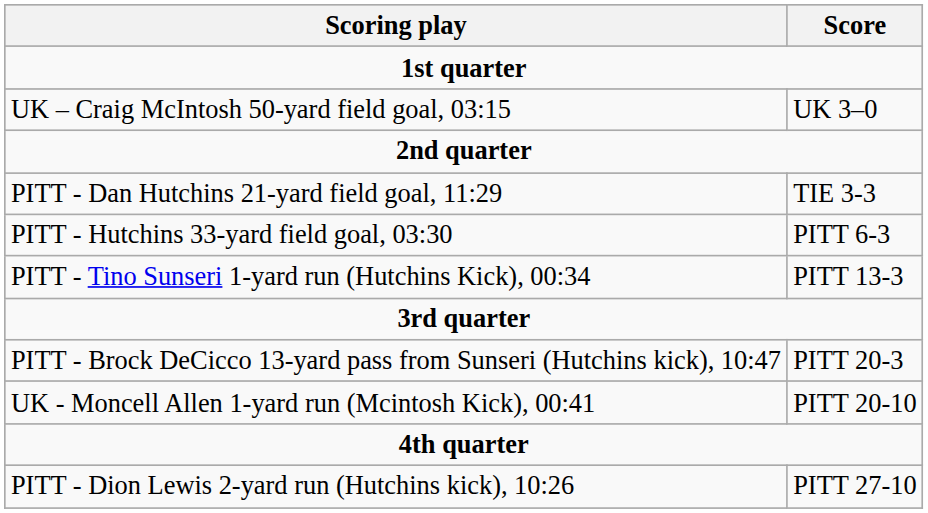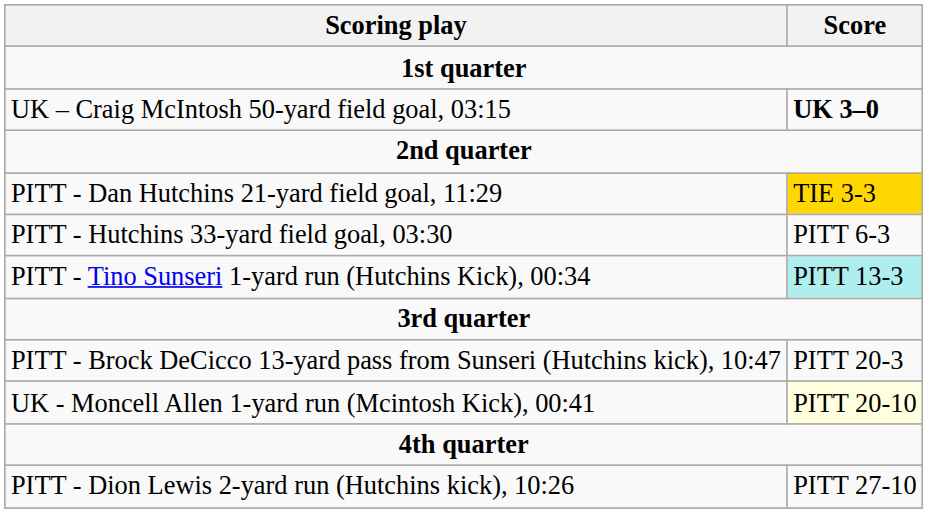 <table class="wikitable">
 <tr>
 <th>Scoring play</th>
 <th>Score</th>
 </tr>
 <tr>
 <td colspan="4" align="center"><strong>1st quarter</strong></td>
 </tr>
 <tr>
 <td>UK – Craig McIntosh 50-yard field goal, 03:15</td>
-<td>UK 3–0</td>
+<td><strong>UK 3–0</strong></td>
 </tr>
 <tr>
 <td colspan="4" align="center"><strong>2nd quarter</strong></td>
 </tr>
 <tr>
 <td>PITT - Dan Hutchins 21-yard field goal, 11:29</td>
-<td>TIE 3-3</td>
+<td style="background: gold;">TIE 3-3</td>
 </tr>
 <tr>
 <td>PITT - Hutchins 33-yard field goal, 03:30</td>
 <td>PITT 6-3</td>
 </tr>
 <tr>
 <td>PITT - <a href='#'>Tino Sunseri</a> 1-yard run (Hutchins Kick), 00:34</td>
-<td>PITT 13-3</td>
+<td style="background: paleturquoise;">PITT 13-3</td>
 </tr>
 <tr>
 <td colspan="4" align="center"><strong>3rd quarter</strong></td>
 </tr>
 <tr>
 <td>PITT - Brock DeCicco 13-yard pass from Sunseri (Hutchins kick), 10:47</td>
 <td>PITT 20-3</td>
 </tr>
 <tr>
 <td>UK - Moncell Allen 1-yard run (Mcintosh Kick), 00:41</td>
-<td>PITT 20-10</td>
+<td style="background: lightyellow;">PITT 20-10</td>
 </tr>
 <tr>
 <td colspan="4" align="center"><strong>4th quarter</strong></td>
 </tr>
 <tr>
 <td>PITT - Dion Lewis 2-yard run (Hutchins kick), 10:26</td>
 <td>PITT 27-10</td>
 </tr>
 </table>
